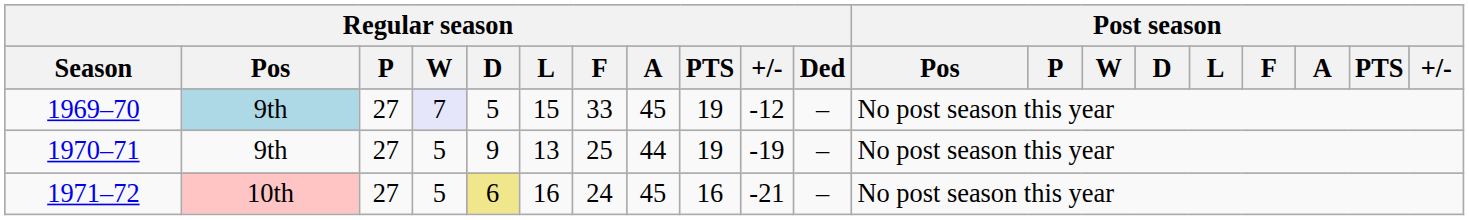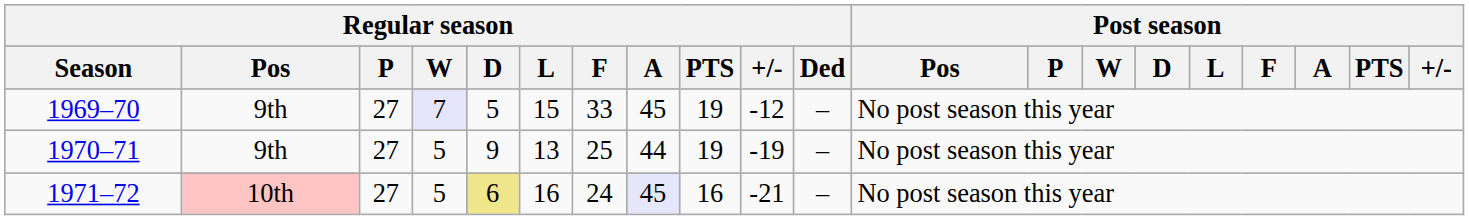 <table class="wikitable">
 <tr>
 <th colspan="11">Regular season</th>
 <th colspan="9">Post season</th>
 </tr>
 <tr>
 <th width="100">Season</th>
 <th width="100">Pos</th>
 <th width="25">P</th>
 <th width="25">W</th>
 <th width="25">D</th>
 <th width="25">L</th>
 <th width="25">F</th>
 <th width="25">A</th>
 <th width="25">PTS</th>
 <th width="25">+/-</th>
 <th width="25">Ded</th>
 <th width="100">Pos</th>
 <th width="25">P</th>
 <th width="25">W</th>
 <th width="25">D</th>
 <th width="25">L</th>
 <th width="25">F</th>
 <th width="25">A</th>
 <th width="25">PTS</th>
 <th width="25">+/-</th>
 </tr>
 <tr>
 <td align="center"><a href='#'>1969–70</a></td>
-<td align="center" style="background: lightblue;">9th</td>
+<td align="center">9th</td>
 <td align="center">27</td>
 <td align="center" style="background: lavender;">7</td>
 <td align="center">5</td>
 <td align="center">15</td>
 <td align="center">33</td>
 <td align="center">45</td>
 <td align="center">19</td>
 <td align="center">-12</td>
 <td align="center">–</td>
 <td colspan="9">No post season this year</td>
 </tr>
 <tr>
 <td align="center"><a href='#'>1970–71</a></td>
 <td align="center">9th</td>
 <td align="center">27</td>
 <td align="center">5</td>
 <td align="center">9</td>
 <td align="center">13</td>
 <td align="center">25</td>
 <td align="center">44</td>
 <td align="center">19</td>
 <td align="center">-19</td>
 <td align="center">–</td>
 <td colspan="9">No post season this year</td>
 </tr>
 <tr>
 <td align="center"><a href='#'>1971–72</a></td>
 <td align="center" bgcolor="#ffc5c5">10th</td>
 <td align="center">27</td>
 <td align="center">5</td>
 <td align="center" style="background: khaki;">6</td>
 <td align="center">16</td>
 <td align="center">24</td>
-<td align="center">45</td>
+<td align="center" style="background: lavender;">45</td>
 <td align="center">16</td>
 <td align="center">-21</td>
 <td align="center">–</td>
 <td colspan="9">No post season this year</td>
 </tr>
 </table>
